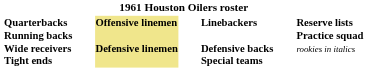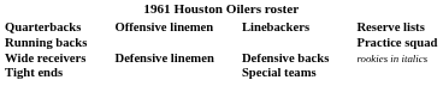 <table class="toccolours" style="text-align: left;">
 <tr>
 <th colspan="7" style="text-align:center; "><strong>1961 Houston Oilers roster</strong></th>
 </tr>
 <tr>
 <td style="font-size: 95%;" valign="top"><strong>Quarterbacks</strong>   <br><strong>Running backs</strong>       <br><strong>Wide receivers</strong>    <br><strong>Tight ends</strong>        </td>
 <td style="width: 25px;"></td>
-<td style="background: khaki; font-size: 95%;" valign="top"><strong>Offensive linemen</strong><br>           <br><strong>Defensive linemen</strong>              </td>
+<td style="font-size: 95%;" valign="top"><strong>Offensive linemen</strong><br>           <br><strong>Defensive linemen</strong>              </td>
 <td style="width: 25px;"></td>
 <td style="font-size: 95%;" valign="top"><strong>Linebackers</strong><br>            <br><strong>Defensive backs</strong>          <br><strong>Special teams</strong></td>
 <td style="width: 25px;"></td>
 <td style="font-size: 95%;" valign="top"><strong>Reserve lists</strong><br><strong>Practice squad</strong><br><small><em>rookies in italics</em></small><br></td>
 </tr>
 <tr>
 </tr>
 </table>
